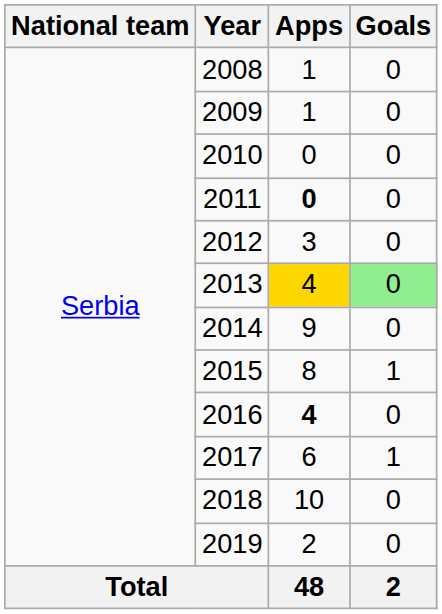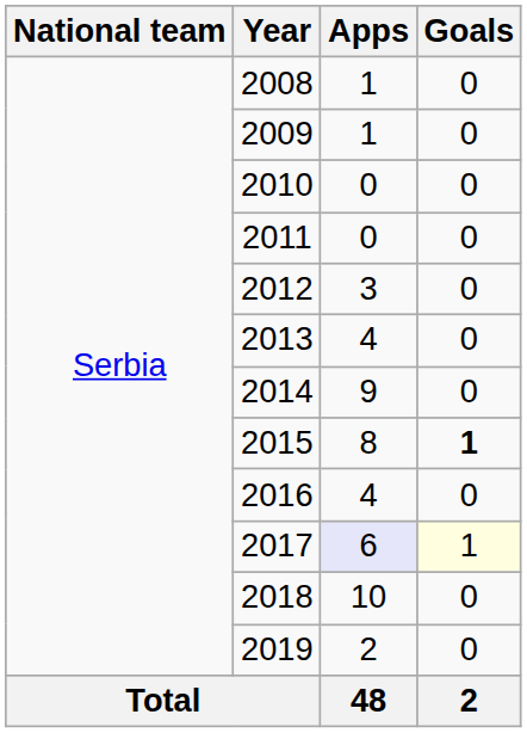 <table class=wikitable style="text-align:center">
 <tr>
 <th>National team</th>
 <th>Year</th>
 <th>Apps</th>
 <th>Goals</th>
 </tr>
 <tr>
 <td rowspan=12><a href='#'>Serbia</a></td>
 <td>2008</td>
 <td>1</td>
 <td>0</td>
 </tr>
 <tr>
 <td>2009</td>
 <td>1</td>
 <td>0</td>
 </tr>
 <tr>
 <td>2010</td>
 <td>0</td>
 <td>0</td>
 </tr>
 <tr>
 <td>2011</td>
-<td><strong>0</strong></td>
+<td>0</td>
 <td>0</td>
 </tr>
 <tr>
 <td>2012</td>
 <td>3</td>
 <td>0</td>
 </tr>
 <tr>
 <td>2013</td>
-<td style="background: gold;">4</td>
-<td style="background: lightgreen;">0</td>
+<td>4</td>
+<td>0</td>
 </tr>
 <tr>
 <td>2014</td>
 <td>9</td>
 <td>0</td>
 </tr>
 <tr>
 <td>2015</td>
 <td>8</td>
-<td>1</td>
+<td><strong>1</strong></td>
 </tr>
 <tr>
 <td>2016</td>
-<td><strong>4</strong></td>
+<td>4</td>
 <td>0</td>
 </tr>
 <tr>
 <td>2017</td>
-<td>6</td>
-<td>1</td>
+<td style="background: lavender;">6</td>
+<td style="background: lightyellow;">1</td>
 </tr>
 <tr>
 <td>2018</td>
 <td>10</td>
 <td>0</td>
 </tr>
 <tr>
 <td>2019</td>
 <td>2</td>
 <td>0</td>
 </tr>
 <tr>
 <th colspan=2>Total</th>
 <th>48</th>
 <th>2</th>
 </tr>
 </table>
